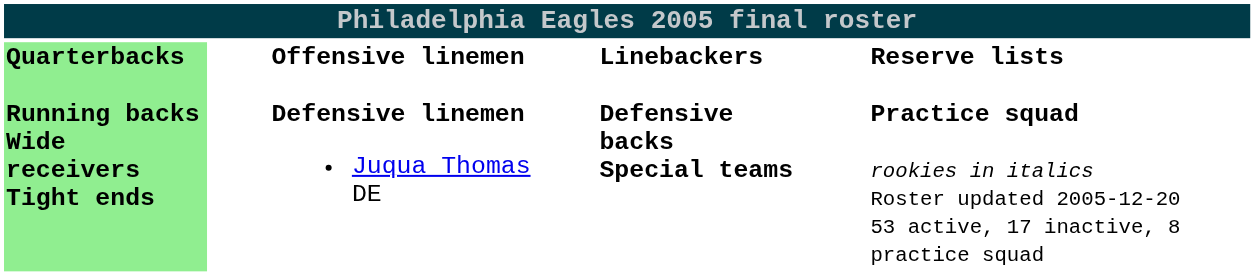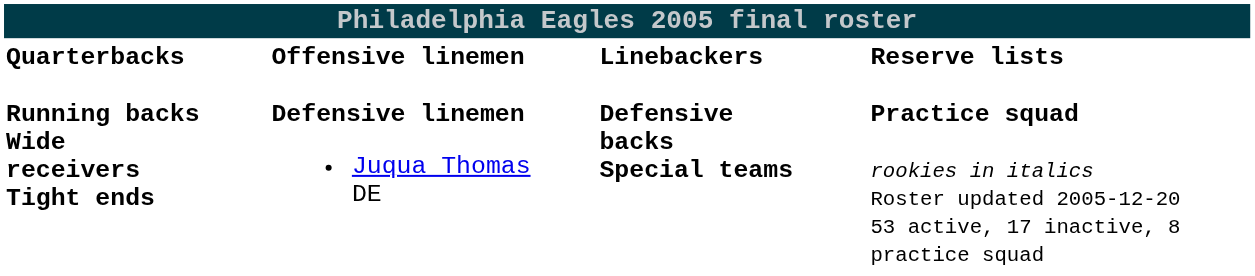 <table class="toccolours" style="text-align: left;">
 <tr>
 <th colspan="9" style="background-color: #003B48; color: #C4C8CB; text-align: center;"><strong>Philadelphia Eagles 2005 final roster</strong></th>
 </tr>
 <tr>
-<td style="background: lightgreen; font-size: 95%;" valign="top"><strong>Quarterbacks</strong><br>  <br><strong>Running backs</strong>     <br><strong>Wide receivers</strong>      <br><strong>Tight ends</strong>   </td>
+<td style="font-size: 95%;" valign="top"><strong>Quarterbacks</strong><br>  <br><strong>Running backs</strong>     <br><strong>Wide receivers</strong>      <br><strong>Tight ends</strong>   </td>
 <td style="width: 25px;"></td>
 <td style="font-size: 95%;" valign="top"><strong>Offensive linemen</strong><br>       <br><strong>Defensive linemen</strong>       <ul><li> <a href='#'>Juqua Thomas</a> DE</li></ul></td>
 <td style="width: 25px;"></td>
 <td style="font-size: 95%;" valign="top"><strong>Linebackers</strong><br>      <br><strong>Defensive backs</strong>         <br><strong>Special teams</strong>   </td>
 <td style="width: 25px;"></td>
 <td style="font-size: 95%;" valign="top"><strong>Reserve lists</strong><br>                <br><strong>Practice squad</strong>        <br><br> <small><em>rookies in italics</em></small><br> <small>Roster updated 2005-12-20</small><br> <small>53 active, 17 inactive, 8 practice squad</small></td>
 </tr>
 </table>
